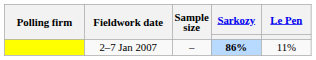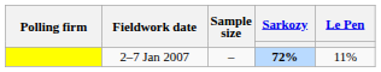 <table class="wikitable sortable" style="text-align:center;font-size:90%;line-height:14px;">
 <tr style="height:40px;">
 <th style="width:100px;" rowspan="2">Polling firm</th>
 <th style="width:110px;" rowspan="2">Fieldwork date</th>
 <th style="width:35px;" rowspan="2">Sample<br>size</th>
 <th class="unsortable" style="width:60px;"><a href='#'>Sarkozy</a><br></th>
 <th class="unsortable" style="width:60px;"><a href='#'>Le Pen</a><br></th>
 </tr>
 <tr>
 <th style="background:"></th>
 <th style="background:"></th>
 </tr>
 <tr>
 <td style="background:yellow;"></td>
 <td data-sort-value="2007-01-07">2–7 Jan 2007</td>
 <td>–</td>
-<td style="background:#B9DAFF;"><strong>86%</strong></td>
+<td style="background:#B9DAFF;"><strong>72%</strong></td>
 <td>11%</td>
 </tr>
 </table>
